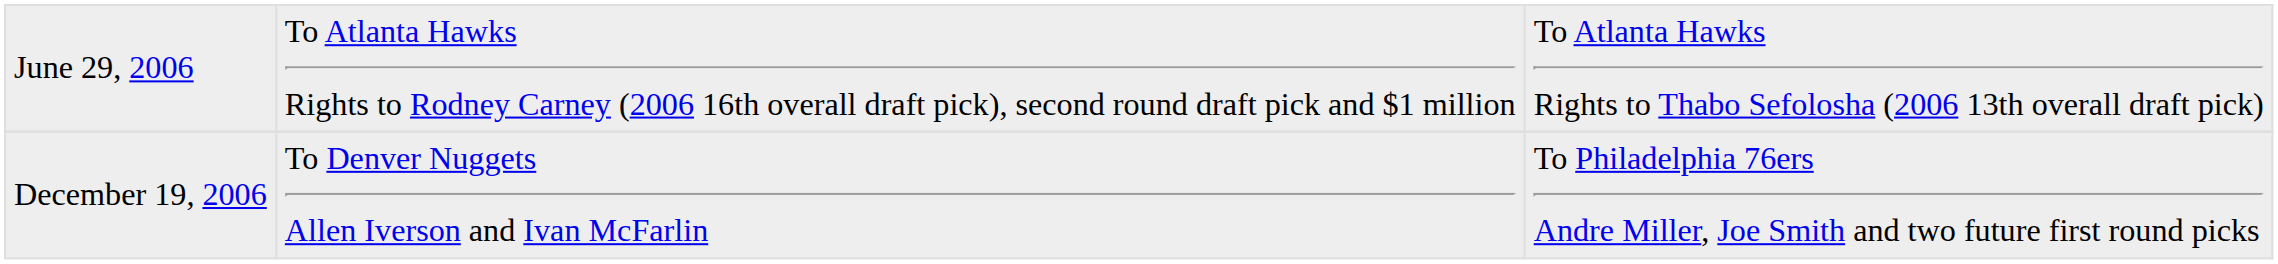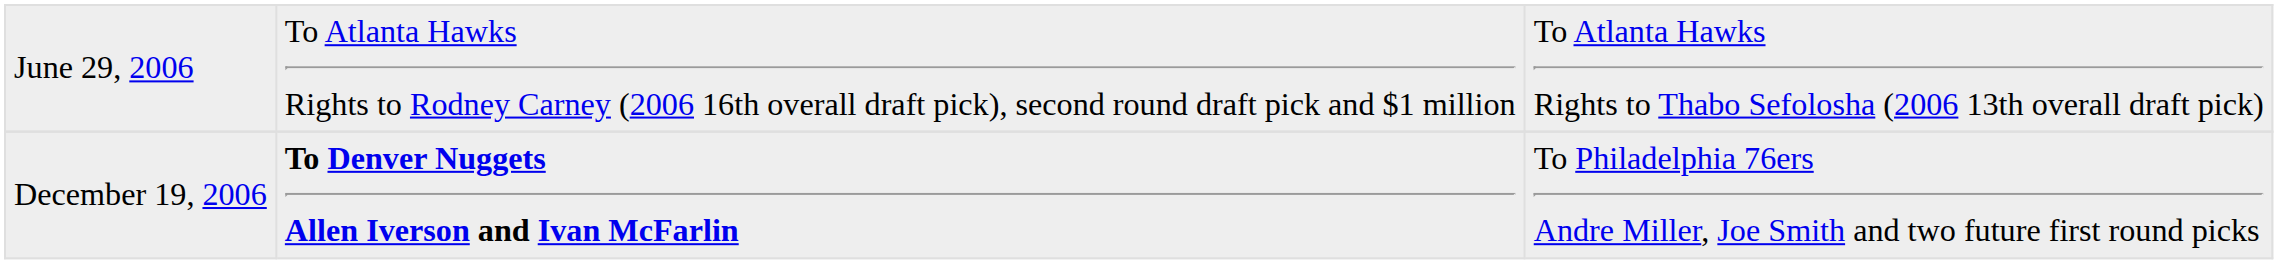 <table border=1 style="border-collapse:collapse; background-color:#eeeeee" bordercolor="#DFDFDF" cellpadding="4">
 <tr>
 </tr>
 <tr bgcolor="eeeeee">
 <td>June 29, <a href='#'>2006</a></td>
 <td valign="top">To <a href='#'>Atlanta Hawks</a><hr>Rights to <a href='#'>Rodney Carney</a> (<a href='#'>2006</a> 16th overall draft pick), second round draft pick and $1 million</td>
 <td valign="top">To <a href='#'>Atlanta Hawks</a><hr>Rights to <a href='#'>Thabo Sefolosha</a> (<a href='#'>2006</a> 13th overall draft pick)</td>
 </tr>
 <tr>
 </tr>
 <tr bgcolor="eeeeee">
 <td>December 19, <a href='#'>2006</a></td>
-<td valign="top">To <a href='#'>Denver Nuggets</a><hr><a href='#'>Allen Iverson</a> and <a href='#'>Ivan McFarlin</a></td>
+<td valign="top"><strong>To <a href='#'>Denver Nuggets</a><hr><a href='#'>Allen Iverson</a> and <a href='#'>Ivan McFarlin</a></strong></td>
 <td valign="top">To <a href='#'>Philadelphia 76ers</a><hr><a href='#'>Andre Miller</a>, <a href='#'>Joe Smith</a> and two future first round picks</td>
 </tr>
 </table>
